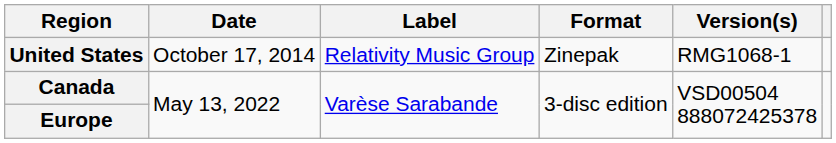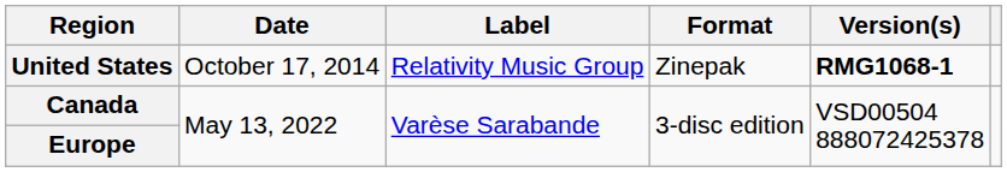 <table class="wikitable plainrowheaders">
 <tr>
 <th scope="col">Region</th>
 <th scope="col">Date</th>
 <th>Label</th>
 <th>Format</th>
 <th scope="col">Version(s)</th>
 <th scope="col"></th>
 </tr>
 <tr>
 <th rowspan="2" scope="row">United States</th>
 <td>October 17, 2014</td>
 <td><a href='#'>Relativity Music Group</a></td>
 <td>Zinepak</td>
-<td>RMG1068-1</td>
+<td><strong>RMG1068-1</strong></td>
 <td></td>
 </tr>
 <tr>
 <td rowspan="3">May 13, 2022</td>
 <td rowspan="3"><a href='#'>Varèse Sarabande</a></td>
 <td rowspan="3">3-disc edition</td>
 <td rowspan="3">VSD00504<br>888072425378</td>
 <td rowspan="3"></td>
 </tr>
 <tr>
 <th scope="row">Canada</th>
 </tr>
 <tr>
 <th scope="row">Europe</th>
 </tr>
 </table>
